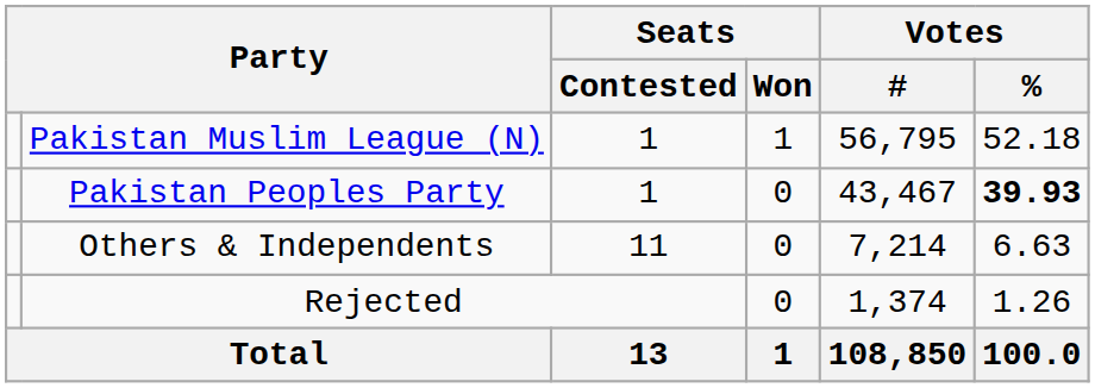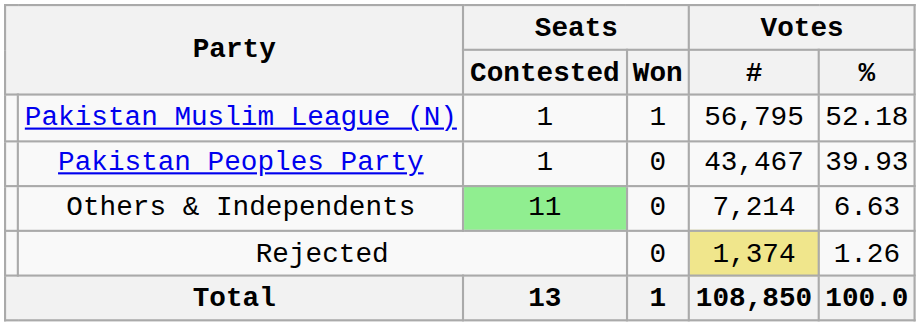 <table class="wikitable" style="text-align: center">
 <tr>
 <th colspan="2" rowspan="2">Party</th>
 <th colspan="2">Seats</th>
 <th colspan="2">Votes</th>
 </tr>
 <tr>
 <th>Contested</th>
 <th>Won</th>
 <th>#</th>
 <th>%</th>
 </tr>
 <tr>
 <td style="color:inherit;background:"></td>
 <td><a href='#'>Pakistan Muslim League (N)</a></td>
 <td>1</td>
 <td>1</td>
 <td>56,795</td>
 <td>52.18</td>
 </tr>
 <tr>
 <td style="color:inherit;background:"></td>
 <td><a href='#'>Pakistan Peoples Party</a></td>
 <td>1</td>
 <td>0</td>
 <td>43,467</td>
-<td><strong>39.93</strong></td>
+<td>39.93</td>
 </tr>
 <tr>
 <td style="color:inherit;background:"></td>
 <td>Others & Independents</td>
-<td>11</td>
+<td style="background: lightgreen;">11</td>
 <td>0</td>
 <td>7,214</td>
 <td>6.63</td>
 </tr>
 <tr>
 <td style="color:inherit;background:"></td>
 <td colspan="2">Rejected</td>
 <td>0</td>
-<td>1,374</td>
+<td style="background: khaki;">1,374</td>
 <td>1.26</td>
 </tr>
 <tr>
 <th colspan="2">Total</th>
 <th>13</th>
 <th>1</th>
 <th>108,850</th>
 <th>100.0</th>
 </tr>
 </table>
